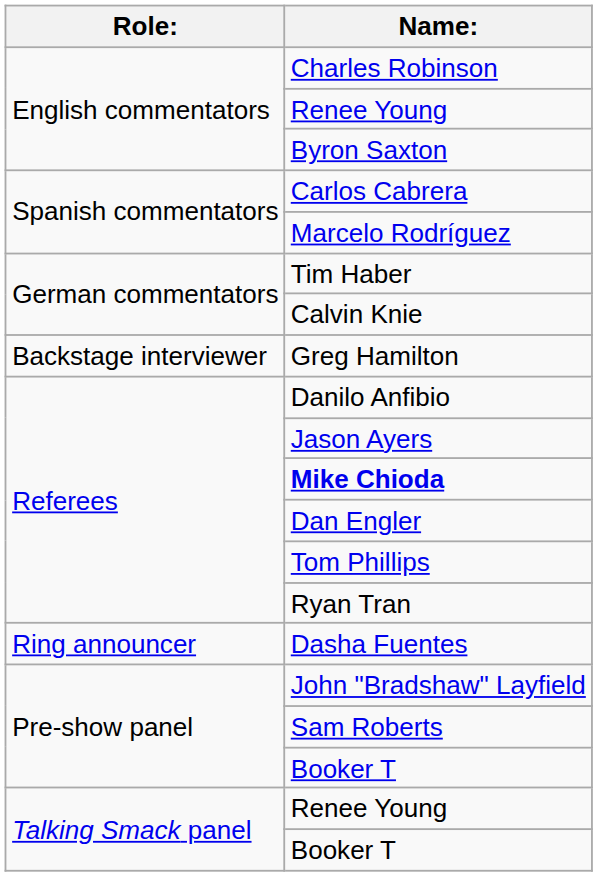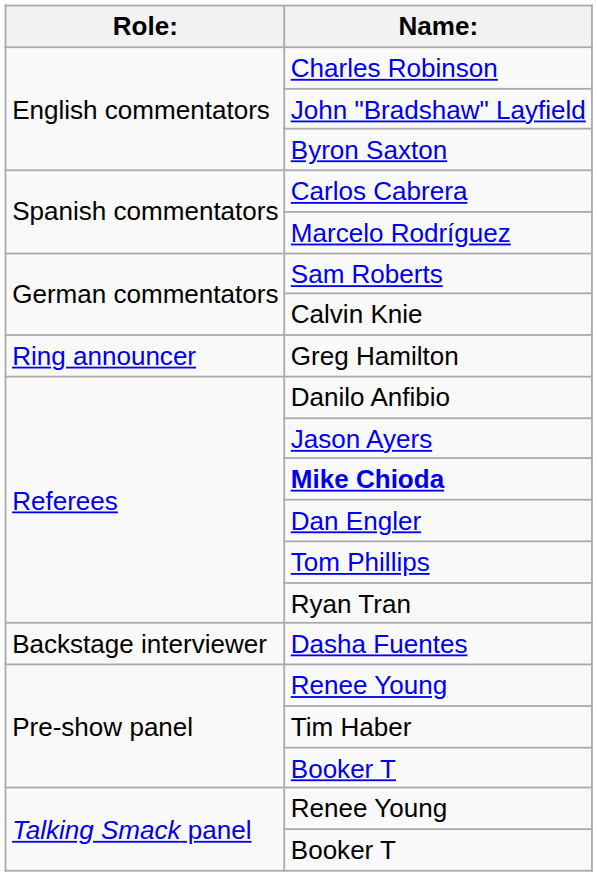 <table class=wikitable style="font-size:90%; margin: 0.5em 0 0.5em 1em; float: right; clear: right;">
 <tr>
 <th>Role:</th>
 <th>Name:</th>
 </tr>
 <tr>
 <td rowspan=3>English commentators</td>
 <td><a href='#'>Charles Robinson</a></td>
 </tr>
 <tr>
-<td><a href='#'>Renee Young</a></td>
+<td><a href='#'>John "Bradshaw" Layfield</a></td>
 </tr>
 <tr>
 <td><a href='#'>Byron Saxton</a></td>
 </tr>
 <tr>
 <td rowspan=2>Spanish commentators</td>
 <td><a href='#'>Carlos Cabrera</a></td>
 </tr>
 <tr>
 <td><a href='#'>Marcelo Rodríguez</a></td>
 </tr>
 <tr>
 <td rowspan=2>German commentators</td>
-<td>Tim Haber</td>
+<td><a href='#'>Sam Roberts</a></td>
 </tr>
 <tr>
 <td>Calvin Knie</td>
 </tr>
 <tr>
-<td rowspan=1>Backstage interviewer</td>
+<td rowspan=1><a href='#'>Ring announcer</a></td>
 <td>Greg Hamilton</td>
 </tr>
 <tr>
 <td rowspan=6><a href='#'>Referees</a></td>
 <td>Danilo Anfibio</td>
 </tr>
 <tr>
 <td><a href='#'>Jason Ayers</a></td>
 </tr>
 <tr>
 <td><strong><a href='#'>Mike Chioda</a></strong></td>
 </tr>
 <tr>
 <td><a href='#'>Dan Engler</a></td>
 </tr>
 <tr>
 <td><a href='#'>Tom Phillips</a></td>
 </tr>
 <tr>
 <td>Ryan Tran</td>
 </tr>
 <tr>
-<td rowspan=1><a href='#'>Ring announcer</a></td>
+<td rowspan=1>Backstage interviewer</td>
 <td><a href='#'>Dasha Fuentes</a></td>
 </tr>
 <tr>
 <td rowspan=3>Pre-show panel</td>
-<td><a href='#'>John "Bradshaw" Layfield</a></td>
+<td><a href='#'>Renee Young</a></td>
 </tr>
 <tr>
-<td><a href='#'>Sam Roberts</a></td>
+<td>Tim Haber</td>
 </tr>
 <tr>
 <td><a href='#'>Booker T</a></td>
 </tr>
 <tr>
 <td rowspan=2><a href='#'><em>Talking Smack</em> panel</a></td>
 <td>Renee Young</td>
 </tr>
 <tr>
 <td>Booker T</td>
 </tr>
 </table>
